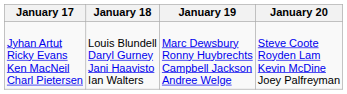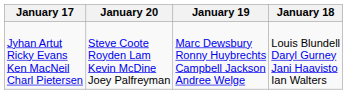 <table class="wikitable">
 <tr>
 <th>January 17</th>
+<th>January 20</th>
+<th>January 19</th>
 <th>January 18</th>
-<th>January 19</th>
-<th>January 20</th>
 </tr>
 <tr>
 <td><br> <a href='#'>Jyhan Artut</a> <br>  <a href='#'>Ricky Evans</a> <br>  <a href='#'>Ken MacNeil</a> <br>  <a href='#'>Charl Pietersen</a> <br></td>
+<td><br> <a href='#'>Steve Coote</a> <br>  <a href='#'>Royden Lam</a> <br>  <a href='#'>Kevin McDine</a> <br>  Joey Palfreyman <br></td>
+<td><br> <a href='#'>Marc Dewsbury</a> <br>  <a href='#'>Ronny Huybrechts</a> <br>  <a href='#'>Campbell Jackson</a><br>  <a href='#'>Andree Welge</a><br></td>
 <td><br> Louis Blundell <br>  <a href='#'>Daryl Gurney</a> <br>  <a href='#'>Jani Haavisto</a> <br>  Ian Walters <br></td>
-<td><br> <a href='#'>Marc Dewsbury</a> <br>  <a href='#'>Ronny Huybrechts</a> <br>  <a href='#'>Campbell Jackson</a><br>  <a href='#'>Andree Welge</a><br></td>
-<td><br> <a href='#'>Steve Coote</a> <br>  <a href='#'>Royden Lam</a> <br>  <a href='#'>Kevin McDine</a> <br>  Joey Palfreyman <br></td>
 </tr>
 </table>
